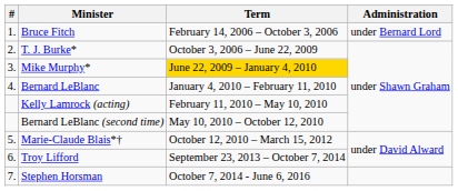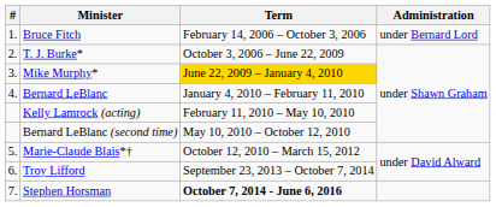 <table class="wikitable">
 <tr>
 <th>#</th>
 <th>Minister</th>
 <th>Term</th>
 <th>Administration</th>
 </tr>
 <tr>
 <td>1.</td>
 <td><a href='#'>Bruce Fitch</a></td>
 <td>February 14, 2006 – October 3, 2006</td>
 <td>under <a href='#'>Bernard Lord</a></td>
 </tr>
 <tr>
 <td>2.</td>
 <td><a href='#'>T. J. Burke</a>*</td>
 <td>October 3, 2006 – June 22, 2009</td>
 <td rowspan=5>under <a href='#'>Shawn Graham</a></td>
 </tr>
 <tr>
 <td>3.</td>
 <td><a href='#'>Mike Murphy</a>*</td>
 <td style="background: gold;">June 22, 2009 – January 4, 2010</td>
 </tr>
 <tr>
 <td>4.</td>
 <td><a href='#'>Bernard LeBlanc</a></td>
 <td>January 4, 2010 – February 11, 2010</td>
 </tr>
 <tr>
 <td></td>
 <td><a href='#'>Kelly Lamrock</a> <em>(acting)</em></td>
 <td>February 11, 2010 – May 10, 2010</td>
 </tr>
 <tr>
 <td></td>
 <td>Bernard LeBlanc <em>(second time)</em></td>
 <td>May 10, 2010 – October 12, 2010</td>
 </tr>
 <tr>
 <td>5.</td>
 <td><a href='#'>Marie-Claude Blais</a>*†</td>
 <td>October 12, 2010 – March 15, 2012</td>
 <td rowspan=2>under <a href='#'>David Alward</a></td>
 </tr>
 <tr>
 <td>6.</td>
 <td><a href='#'>Troy Lifford</a></td>
 <td>September 23, 2013 – October 7, 2014</td>
 </tr>
 <tr>
 <td>7.</td>
 <td><a href='#'>Stephen Horsman</a></td>
-<td>October 7, 2014 - June 6, 2016</td>
+<td><strong>October 7, 2014 - June 6, 2016</strong></td>
 </tr>
 </table>
